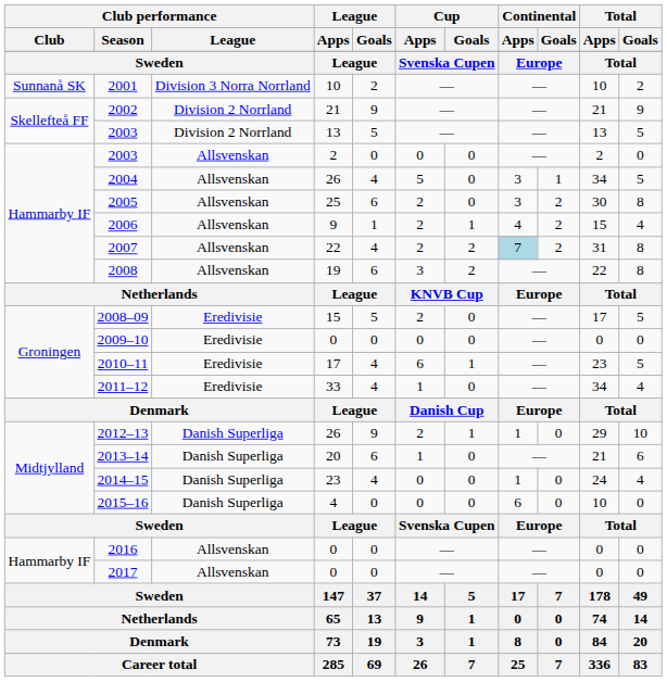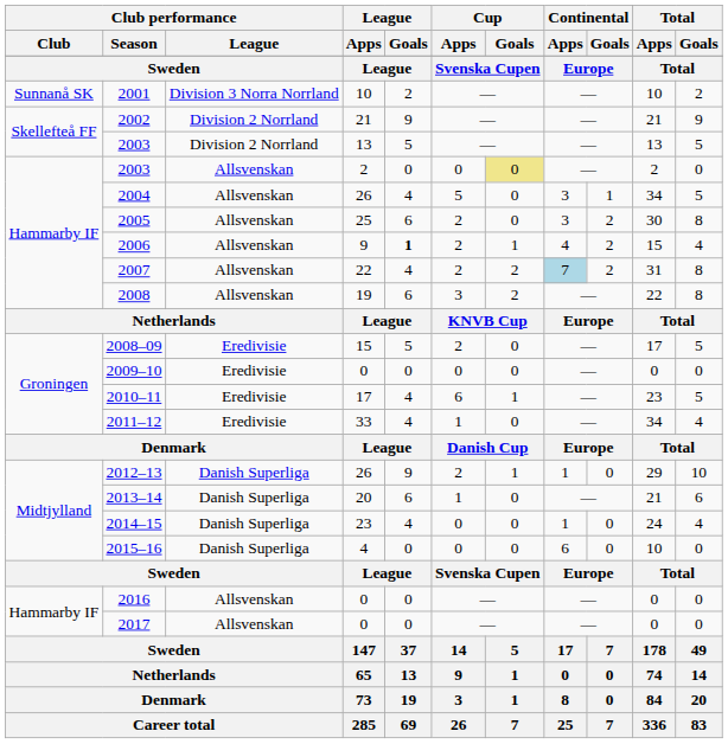 <table class="wikitable" style="text-align:center">
 <tr>
 <th colspan="3">Club performance</th>
 <th colspan=2>League</th>
 <th colspan=2>Cup</th>
 <th colspan=2>Continental</th>
 <th colspan=2>Total</th>
 </tr>
 <tr>
 <th>Club</th>
 <th>Season</th>
 <th>League</th>
 <th>Apps</th>
 <th>Goals</th>
 <th>Apps</th>
 <th>Goals</th>
 <th>Apps</th>
 <th>Goals</th>
 <th>Apps</th>
 <th>Goals</th>
 </tr>
 <tr>
 </tr>
 <tr>
 <th colspan="3">Sweden</th>
 <th colspan=2>League</th>
 <th colspan=2><a href='#'>Svenska Cupen</a></th>
 <th colspan=2><a href='#'>Europe</a></th>
 <th colspan=2>Total</th>
 </tr>
 <tr>
 <td><a href='#'>Sunnanå SK</a></td>
 <td><a href='#'>2001</a></td>
 <td><a href='#'>Division 3 Norra Norrland</a></td>
 <td>10</td>
 <td>2</td>
 <td colspan="2">—</td>
 <td colspan="2">—</td>
 <td>10</td>
 <td>2</td>
 </tr>
 <tr>
 <td rowspan="2"><a href='#'>Skellefteå FF</a></td>
 <td><a href='#'>2002</a></td>
 <td><a href='#'>Division 2 Norrland</a></td>
 <td>21</td>
 <td>9</td>
 <td colspan="2">—</td>
 <td colspan="2">—</td>
 <td>21</td>
 <td>9</td>
 </tr>
 <tr>
 <td><a href='#'>2003</a></td>
 <td>Division 2 Norrland</td>
 <td>13</td>
 <td>5</td>
 <td colspan="2">—</td>
 <td colspan="2">—</td>
 <td>13</td>
 <td>5</td>
 </tr>
 <tr>
 <td rowspan="6"><a href='#'>Hammarby IF</a></td>
 <td><a href='#'>2003</a></td>
 <td><a href='#'>Allsvenskan</a></td>
 <td>2</td>
 <td>0</td>
 <td>0</td>
-<td>0</td>
+<td style="background: khaki;">0</td>
 <td colspan="2">—</td>
 <td>2</td>
 <td>0</td>
 </tr>
 <tr>
 <td><a href='#'>2004</a></td>
 <td>Allsvenskan</td>
 <td>26</td>
 <td>4</td>
 <td>5</td>
 <td>0</td>
 <td>3</td>
 <td>1</td>
 <td>34</td>
 <td>5</td>
 </tr>
 <tr>
 <td><a href='#'>2005</a></td>
 <td>Allsvenskan</td>
 <td>25</td>
 <td>6</td>
 <td>2</td>
 <td>0</td>
 <td>3</td>
 <td>2</td>
 <td>30</td>
 <td>8</td>
 </tr>
 <tr>
 <td><a href='#'>2006</a></td>
 <td>Allsvenskan</td>
 <td>9</td>
-<td>1</td>
+<td><strong>1</strong></td>
 <td>2</td>
 <td>1</td>
 <td>4</td>
 <td>2</td>
 <td>15</td>
 <td>4</td>
 </tr>
 <tr>
 <td><a href='#'>2007</a></td>
 <td>Allsvenskan</td>
 <td>22</td>
 <td>4</td>
 <td>2</td>
 <td>2</td>
 <td style="background: lightblue;">7</td>
 <td>2</td>
 <td>31</td>
 <td>8</td>
 </tr>
 <tr>
 <td><a href='#'>2008</a></td>
 <td>Allsvenskan</td>
 <td>19</td>
 <td>6</td>
 <td>3</td>
 <td>2</td>
 <td colspan="2">—</td>
 <td>22</td>
 <td>8</td>
 </tr>
 <tr>
 <th colspan="3">Netherlands</th>
 <th colspan=2>League</th>
 <th colspan=2><a href='#'>KNVB Cup</a></th>
 <th colspan=2>Europe</th>
 <th colspan=2>Total</th>
 </tr>
 <tr>
 <td rowspan="4"><a href='#'>Groningen</a></td>
 <td><a href='#'>2008–09</a></td>
 <td><a href='#'>Eredivisie</a></td>
 <td>15</td>
 <td>5</td>
 <td>2</td>
 <td>0</td>
 <td colspan="2">—</td>
 <td>17</td>
 <td>5</td>
 </tr>
 <tr>
 <td><a href='#'>2009–10</a></td>
 <td>Eredivisie</td>
 <td>0</td>
 <td>0</td>
 <td>0</td>
 <td>0</td>
 <td colspan="2">—</td>
 <td>0</td>
 <td>0</td>
 </tr>
 <tr>
 <td><a href='#'>2010–11</a></td>
 <td>Eredivisie</td>
 <td>17</td>
 <td>4</td>
 <td>6</td>
 <td>1</td>
 <td colspan="2">—</td>
 <td>23</td>
 <td>5</td>
 </tr>
 <tr>
 <td><a href='#'>2011–12</a></td>
 <td>Eredivisie</td>
 <td>33</td>
 <td>4</td>
 <td>1</td>
 <td>0</td>
 <td colspan="2">—</td>
 <td>34</td>
 <td>4</td>
 </tr>
 <tr>
 <th colspan="3">Denmark</th>
 <th colspan=2>League</th>
 <th colspan=2><a href='#'>Danish Cup</a></th>
 <th colspan=2>Europe</th>
 <th colspan=2>Total</th>
 </tr>
 <tr>
 <td rowspan="4"><a href='#'>Midtjylland</a></td>
 <td><a href='#'>2012–13</a></td>
 <td><a href='#'>Danish Superliga</a></td>
 <td>26</td>
 <td>9</td>
 <td>2</td>
 <td>1</td>
 <td>1</td>
 <td>0</td>
 <td>29</td>
 <td>10</td>
 </tr>
 <tr>
 <td><a href='#'>2013–14</a></td>
 <td>Danish Superliga</td>
 <td>20</td>
 <td>6</td>
 <td>1</td>
 <td>0</td>
 <td colspan="2">—</td>
 <td>21</td>
 <td>6</td>
 </tr>
 <tr>
 <td><a href='#'>2014–15</a></td>
 <td>Danish Superliga</td>
 <td>23</td>
 <td>4</td>
 <td>0</td>
 <td>0</td>
 <td>1</td>
 <td>0</td>
 <td>24</td>
 <td>4</td>
 </tr>
 <tr>
 <td><a href='#'>2015–16</a></td>
 <td>Danish Superliga</td>
 <td>4</td>
 <td>0</td>
 <td>0</td>
 <td>0</td>
 <td>6</td>
 <td>0</td>
 <td>10</td>
 <td>0</td>
 </tr>
 <tr>
 <th colspan="3">Sweden</th>
 <th colspan="2">League</th>
 <th colspan="2">Svenska Cupen</th>
 <th colspan="2">Europe</th>
 <th colspan="2">Total</th>
 </tr>
 <tr>
 <td rowspan="2">Hammarby IF</td>
 <td><a href='#'>2016</a></td>
 <td>Allsvenskan</td>
 <td>0</td>
 <td>0</td>
 <td colspan="2">—</td>
 <td colspan="2">—</td>
 <td>0</td>
 <td>0</td>
 </tr>
 <tr>
 <td><a href='#'>2017</a></td>
 <td>Allsvenskan</td>
 <td>0</td>
 <td>0</td>
 <td colspan="2">—</td>
 <td colspan="2">—</td>
 <td>0</td>
 <td>0</td>
 </tr>
 <tr>
 <th colspan="3">Sweden</th>
 <th>147</th>
 <th>37</th>
 <th>14</th>
 <th>5</th>
 <th>17</th>
 <th>7</th>
 <th>178</th>
 <th>49</th>
 </tr>
 <tr>
 <th colspan="3">Netherlands</th>
 <th>65</th>
 <th>13</th>
 <th>9</th>
 <th>1</th>
 <th>0</th>
 <th>0</th>
 <th>74</th>
 <th>14</th>
 </tr>
 <tr>
 <th colspan="3">Denmark</th>
 <th>73</th>
 <th>19</th>
 <th>3</th>
 <th>1</th>
 <th>8</th>
 <th>0</th>
 <th>84</th>
 <th>20</th>
 </tr>
 <tr>
 <th colspan="3">Career total</th>
 <th>285</th>
 <th>69</th>
 <th>26</th>
 <th>7</th>
 <th>25</th>
 <th>7</th>
 <th>336</th>
 <th>83</th>
 </tr>
 </table>
